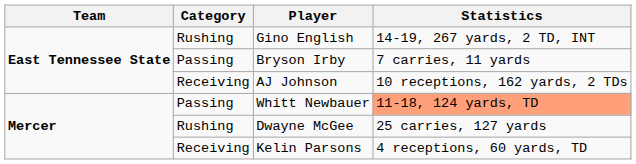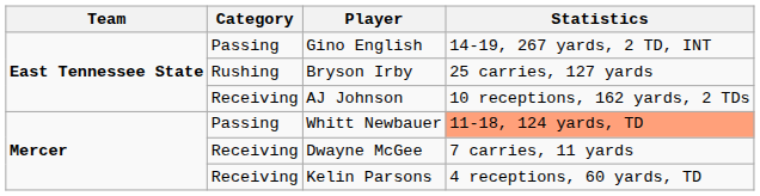 <table class="wikitable" style="float: right;">
 <tr>
 <th>Team</th>
 <th>Category</th>
 <th>Player</th>
 <th>Statistics</th>
 </tr>
 <tr>
 <td rowspan=3><strong>East Tennessee State</strong></td>
-<td>Rushing</td>
+<td>Passing</td>
 <td>Gino English</td>
 <td>14-19, 267 yards, 2 TD, INT</td>
 </tr>
 <tr>
-<td>Passing</td>
+<td>Rushing</td>
 <td>Bryson Irby</td>
-<td>7 carries, 11 yards</td>
+<td>25 carries, 127 yards</td>
 </tr>
 <tr>
 <td>Receiving</td>
 <td>AJ Johnson</td>
 <td>10 receptions, 162 yards, 2 TDs</td>
 </tr>
 <tr>
 <td rowspan=3><strong>Mercer</strong></td>
 <td>Passing</td>
 <td>Whitt Newbauer</td>
 <td style="background: lightsalmon;">11-18, 124 yards, TD</td>
 </tr>
 <tr>
-<td>Rushing</td>
+<td>Receiving</td>
 <td>Dwayne McGee</td>
-<td>25 carries, 127 yards</td>
+<td>7 carries, 11 yards</td>
 </tr>
 <tr>
 <td>Receiving</td>
 <td>Kelin Parsons</td>
 <td>4 receptions, 60 yards, TD</td>
 </tr>
 </table>
